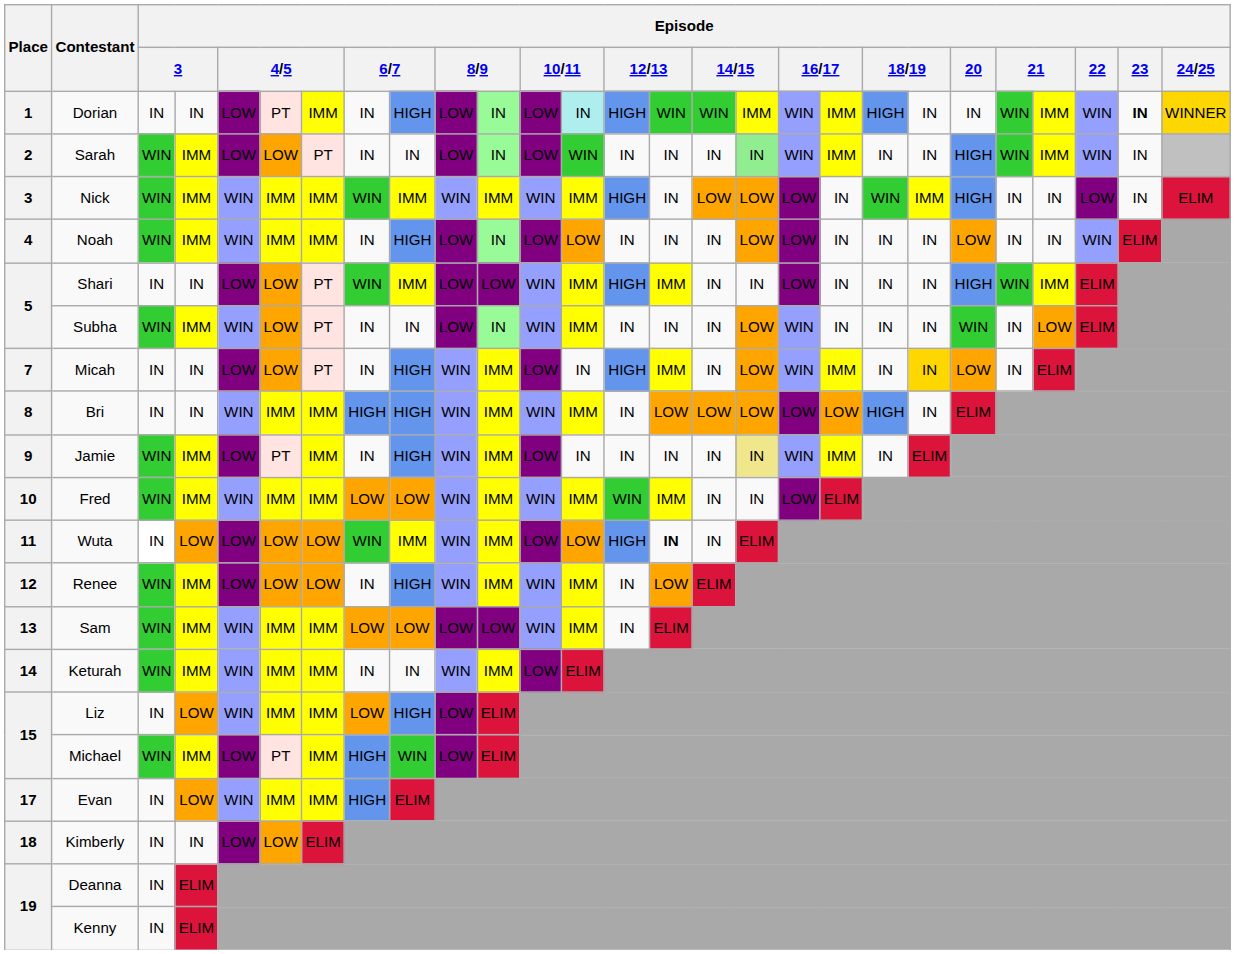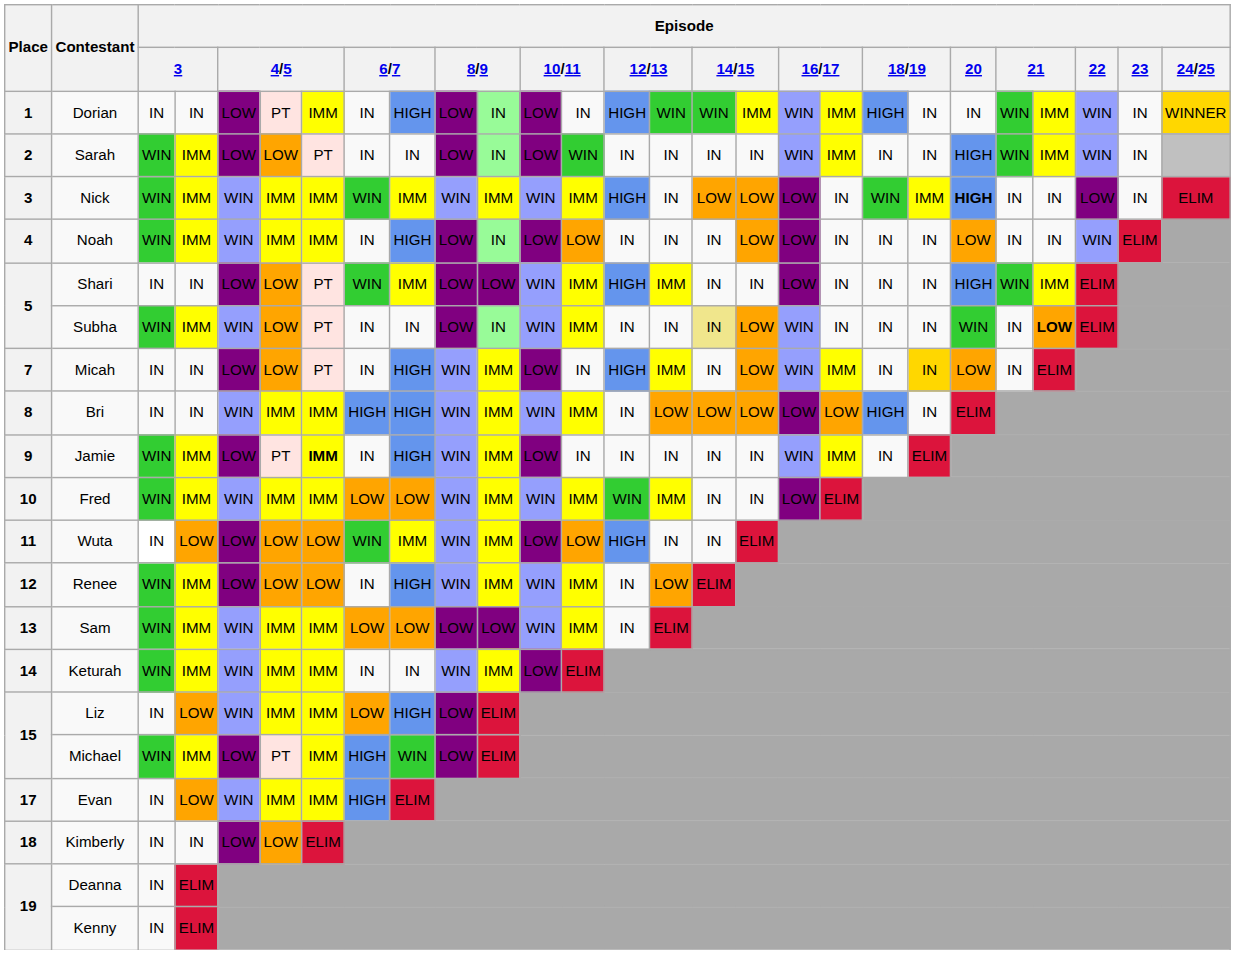 <table class="wikitable" style="text-align: center; font-size: 8pt; line-height:25px;">
 <tr>
 <th rowspan="2">Place</th>
 <th rowspan="2">Contestant</th>
 <th colspan="25">Episode</th>
 </tr>
 <tr>
 <th colspan="2"><a href='#'>3</a></th>
 <th colspan="3"><a href='#'>4</a>/<a href='#'>5</a></th>
 <th colspan="2"><a href='#'>6</a>/<a href='#'>7</a></th>
 <th colspan="2"><a href='#'>8</a>/<a href='#'>9</a></th>
 <th colspan="2"><a href='#'>10</a>/<a href='#'>11</a></th>
 <th colspan="2"><a href='#'>12</a>/<a href='#'>13</a></th>
 <th colspan="2"><a href='#'>14</a>/<a href='#'>15</a></th>
 <th colspan="2"><a href='#'>16</a>/<a href='#'>17</a></th>
 <th colspan="2"><a href='#'>18</a>/<a href='#'>19</a></th>
 <th><a href='#'>20</a></th>
 <th colspan="2"><a href='#'>21</a></th>
 <th><a href='#'>22</a></th>
 <th><a href='#'>23</a></th>
 <th><a href='#'>24</a>/<a href='#'>25</a></th>
 </tr>
 <tr>
 <th>1</th>
 <td>Dorian</td>
 <td>IN</td>
 <td>IN</td>
 <td style="background:purple;">LOW</td>
 <td style="background:mistyrose;">PT</td>
 <td style="background:yellow;">IMM</td>
 <td>IN</td>
 <td style="background:cornflowerblue;">HIGH</td>
 <td style="background:purple;">LOW</td>
 <td style="background:palegreen;">IN</td>
 <td style="background:purple;">LOW</td>
-<td style="background: paleturquoise;">IN</td>
+<td>IN</td>
 <td style="background:cornflowerblue;">HIGH</td>
 <td style="background:limegreen;">WIN</td>
 <td style="background:limegreen;">WIN</td>
 <td style="background:yellow;">IMM</td>
 <td style="background:#959FFD;">WIN</td>
 <td style="background:yellow;">IMM</td>
 <td style="background:cornflowerblue;">HIGH</td>
 <td>IN</td>
 <td>IN</td>
 <td style="background:limegreen;">WIN</td>
 <td style="background:yellow;">IMM</td>
 <td style="background:#959FFD;">WIN</td>
-<td><strong>IN</strong></td>
+<td>IN</td>
 <td style="background:gold;">WINNER</td>
 </tr>
 <tr>
 <th>2</th>
 <td>Sarah</td>
 <td style="background:limegreen;">WIN</td>
 <td style="background:yellow;">IMM</td>
 <td style="background:purple;">LOW</td>
 <td style="background:orange;">LOW</td>
 <td style="background:mistyrose;">PT</td>
 <td>IN</td>
 <td>IN</td>
 <td style="background:purple;">LOW</td>
 <td style="background:palegreen;">IN</td>
 <td style="background:purple;">LOW</td>
 <td style="background:limegreen;">WIN</td>
 <td>IN</td>
 <td>IN</td>
 <td>IN</td>
-<td style="background: lightgreen;">IN</td>
+<td>IN</td>
 <td style="background:#959FFD;">WIN</td>
 <td style="background:yellow;">IMM</td>
 <td>IN</td>
 <td>IN</td>
 <td style="background:cornflowerblue;">HIGH</td>
 <td style="background:limegreen;">WIN</td>
 <td style="background:yellow;">IMM</td>
 <td style="background:#959FFD;">WIN</td>
 <td>IN</td>
 <td style="background:silver;"></td>
 </tr>
 <tr>
 <th>3</th>
 <td>Nick</td>
 <td style="background:limegreen;">WIN</td>
 <td style="background:yellow;">IMM</td>
 <td style="background:#959FFD;">WIN</td>
 <td style="background:yellow;">IMM</td>
 <td style="background:yellow;">IMM</td>
 <td style="background:limegreen;">WIN</td>
 <td style="background:yellow;">IMM</td>
 <td style="background:#959FFD;">WIN</td>
 <td style="background:yellow;">IMM</td>
 <td style="background:#959FFD;">WIN</td>
 <td style="background:yellow;">IMM</td>
 <td style="background:cornflowerblue;">HIGH</td>
 <td>IN</td>
 <td style="background:orange;">LOW</td>
 <td style="background:orange;">LOW</td>
 <td style="background:purple;">LOW</td>
 <td>IN</td>
 <td style="background:limegreen;">WIN</td>
 <td style="background:yellow;">IMM</td>
-<td style="background:cornflowerblue;">HIGH</td>
+<td style="background:cornflowerblue;"><strong>HIGH</strong></td>
 <td>IN</td>
 <td>IN</td>
 <td style="background:purple;">LOW</td>
 <td>IN</td>
 <td style="background:crimson">ELIM</td>
 </tr>
 <tr>
 <th>4</th>
 <td>Noah</td>
 <td style="background:limegreen;">WIN</td>
 <td style="background:yellow;">IMM</td>
 <td style="background:#959FFD;">WIN</td>
 <td style="background:yellow;">IMM</td>
 <td style="background:yellow;">IMM</td>
 <td>IN</td>
 <td style="background:cornflowerblue;">HIGH</td>
 <td style="background:purple;">LOW</td>
 <td style="background:palegreen;">IN</td>
 <td style="background:purple;">LOW</td>
 <td style="background:orange;">LOW</td>
 <td>IN</td>
 <td>IN</td>
 <td>IN</td>
 <td style="background:orange;">LOW</td>
 <td style="background:purple;">LOW</td>
 <td>IN</td>
 <td>IN</td>
 <td>IN</td>
 <td style="background:orange;">LOW</td>
 <td>IN</td>
 <td>IN</td>
 <td style="background:#959FFD;">WIN</td>
 <td style="background:crimson;">ELIM</td>
 <td style="background:darkgrey;"></td>
 </tr>
 <tr>
 <th rowspan="2">5</th>
 <td>Shari</td>
 <td>IN</td>
 <td>IN</td>
 <td style="background:purple;">LOW</td>
 <td style="background:orange;">LOW</td>
 <td style="background:mistyrose;">PT</td>
 <td style="background:limegreen;">WIN</td>
 <td style="background:yellow;">IMM</td>
 <td style="background:purple;">LOW</td>
 <td style="background:purple;">LOW</td>
 <td style="background:#959FFD;">WIN</td>
 <td style="background:yellow;">IMM</td>
 <td style="background:cornflowerblue;">HIGH</td>
 <td style="background:yellow;">IMM</td>
 <td>IN</td>
 <td>IN</td>
 <td style="background:purple;">LOW</td>
 <td>IN</td>
 <td>IN</td>
 <td>IN</td>
 <td style="background:cornflowerblue;">HIGH</td>
 <td style="background:limegreen;">WIN</td>
 <td style="background:yellow;">IMM</td>
 <td style="background:crimson;">ELIM</td>
 <td style="background:darkgrey;" colspan="2"></td>
 </tr>
 <tr>
 <td>Subha</td>
 <td style="background:limegreen;">WIN</td>
 <td style="background:yellow;">IMM</td>
 <td style="background:#959FFD;">WIN</td>
 <td style="background:orange;">LOW</td>
 <td style="background:mistyrose;">PT</td>
 <td>IN</td>
 <td>IN</td>
 <td style="background:purple;">LOW</td>
 <td style="background:palegreen;">IN</td>
 <td style="background:#959FFD;">WIN</td>
 <td style="background:yellow;">IMM</td>
 <td>IN</td>
 <td>IN</td>
-<td>IN</td>
+<td style="background: khaki;">IN</td>
 <td style="background:orange;">LOW</td>
 <td style="background:#959FFD;">WIN</td>
 <td>IN</td>
 <td>IN</td>
 <td>IN</td>
 <td style="background:limegreen;">WIN</td>
 <td>IN</td>
-<td style="background:orange;">LOW</td>
+<td style="background:orange;"><strong>LOW</strong></td>
 <td style="background:crimson;">ELIM</td>
 <td style="background:darkgrey;" colspan="2"></td>
 </tr>
 <tr>
 <th>7</th>
 <td>Micah</td>
 <td>IN</td>
 <td>IN</td>
 <td style="background:purple;">LOW</td>
 <td style="background:orange;">LOW</td>
 <td style="background:mistyrose;">PT</td>
 <td>IN</td>
 <td style="background:cornflowerblue;">HIGH</td>
 <td style="background:#959FFD;">WIN</td>
 <td style="background:yellow;">IMM</td>
 <td style="background:purple;">LOW</td>
 <td>IN</td>
 <td style="background:cornflowerblue;">HIGH</td>
 <td style="background:yellow;">IMM</td>
 <td>IN</td>
 <td style="background:orange;">LOW</td>
 <td style="background:#959FFD;">WIN</td>
 <td style="background:yellow;">IMM</td>
 <td>IN</td>
 <td style="background: gold;">IN</td>
 <td style="background:orange;">LOW</td>
 <td>IN</td>
 <td style="background:crimson;">ELIM</td>
 <td style="background:darkgrey;" colspan="3"></td>
 </tr>
 <tr>
 <th>8</th>
 <td>Bri</td>
 <td>IN</td>
 <td>IN</td>
 <td style="background:#959FFD;">WIN</td>
 <td style="background:yellow;">IMM</td>
 <td style="background:yellow;">IMM</td>
 <td style="background:cornflowerblue;">HIGH</td>
 <td style="background:cornflowerblue;">HIGH</td>
 <td style="background:#959FFD;">WIN</td>
 <td style="background:yellow;">IMM</td>
 <td style="background:#959FFD;">WIN</td>
 <td style="background:yellow;">IMM</td>
 <td>IN</td>
 <td style="background:orange;">LOW</td>
 <td style="background:orange;">LOW</td>
 <td style="background:orange;">LOW</td>
 <td style="background:purple;">LOW</td>
 <td style="background:orange;">LOW</td>
 <td style="background:cornflowerblue;">HIGH</td>
 <td>IN</td>
 <td style="background:crimson;">ELIM</td>
 <td style="background:darkgrey;" colspan="5"></td>
 </tr>
 <tr>
 <th>9</th>
 <td>Jamie</td>
 <td style="background:limegreen;">WIN</td>
 <td style="background:yellow;">IMM</td>
 <td style="background:purple;">LOW</td>
 <td style="background:mistyrose;">PT</td>
-<td style="background:yellow;">IMM</td>
+<td style="background:yellow;"><strong>IMM</strong></td>
 <td>IN</td>
 <td style="background:cornflowerblue;">HIGH</td>
 <td style="background:#959FFD;">WIN</td>
 <td style="background:yellow;">IMM</td>
 <td style="background:purple;">LOW</td>
 <td>IN</td>
 <td>IN</td>
 <td>IN</td>
 <td>IN</td>
-<td style="background: khaki;">IN</td>
+<td>IN</td>
 <td style="background:#959FFD;">WIN</td>
 <td style="background:yellow;">IMM</td>
 <td>IN</td>
 <td style="background:crimson;">ELIM</td>
 <td style="background:darkgrey;" colspan="6"></td>
 </tr>
 <tr>
 <th>10</th>
 <td>Fred</td>
 <td style="background:limegreen;">WIN</td>
 <td style="background:yellow;">IMM</td>
 <td style="background:#959FFD;">WIN</td>
 <td style="background:yellow;">IMM</td>
 <td style="background:yellow;">IMM</td>
 <td style="background:orange;">LOW</td>
 <td style="background:orange;">LOW</td>
 <td style="background:#959FFD;">WIN</td>
 <td style="background:yellow;">IMM</td>
 <td style="background:#959FFD;">WIN</td>
 <td style="background:yellow;">IMM</td>
 <td style="background:limegreen;">WIN</td>
 <td style="background:yellow;">IMM</td>
 <td>IN</td>
 <td>IN</td>
 <td style="background:purple;">LOW</td>
 <td style="background:crimson;">ELIM</td>
 <td style="background:darkgrey;" colspan="8"></td>
 </tr>
 <tr>
 <th>11</th>
 <td>Wuta</td>
 <td style="background:white;">IN</td>
 <td style="background:orange;">LOW</td>
 <td style="background:purple;">LOW</td>
 <td style="background:orange;">LOW</td>
 <td style="background:orange;">LOW</td>
 <td style="background:limegreen;">WIN</td>
 <td style="background:yellow;">IMM</td>
 <td style="background:#959FFD;">WIN</td>
 <td style="background:yellow;">IMM</td>
 <td style="background:purple;">LOW</td>
 <td style="background:orange;">LOW</td>
 <td style="background:cornflowerblue;">HIGH</td>
-<td><strong>IN</strong></td>
+<td>IN</td>
 <td>IN</td>
 <td style="background:crimson;">ELIM</td>
 <td style="background:darkgrey;" colspan="10"></td>
 </tr>
 <tr>
 <th>12</th>
 <td>Renee</td>
 <td style="background:limegreen;">WIN</td>
 <td style="background:yellow;">IMM</td>
 <td style="background:purple;">LOW</td>
 <td style="background:orange;">LOW</td>
 <td style="background:orange;">LOW</td>
 <td>IN</td>
 <td style="background:cornflowerblue;">HIGH</td>
 <td style="background:#959FFD;">WIN</td>
 <td style="background:yellow;">IMM</td>
 <td style="background:#959FFD;">WIN</td>
 <td style="background:yellow;">IMM</td>
 <td>IN</td>
 <td style="background:orange;">LOW</td>
 <td style="background:crimson;">ELIM</td>
 <td style="background:darkgrey;" colspan="11"></td>
 </tr>
 <tr>
 <th>13</th>
 <td>Sam</td>
 <td style="background:limegreen;">WIN</td>
 <td style="background:yellow;">IMM</td>
 <td style="background:#959FFD;">WIN</td>
 <td style="background:yellow;">IMM</td>
 <td style="background:yellow;">IMM</td>
 <td style="background:orange;">LOW</td>
 <td style="background:orange;">LOW</td>
 <td style="background:purple;">LOW</td>
 <td style="background:purple;">LOW</td>
 <td style="background:#959FFD;">WIN</td>
 <td style="background:yellow;">IMM</td>
 <td>IN</td>
 <td style="background:crimson;">ELIM</td>
 <td style="background:darkgrey;" colspan="12"></td>
 </tr>
 <tr>
 <th>14</th>
 <td>Keturah</td>
 <td style="background:limegreen;">WIN</td>
 <td style="background:yellow;">IMM</td>
 <td style="background:#959FFD;">WIN</td>
 <td style="background:yellow;">IMM</td>
 <td style="background:yellow;">IMM</td>
 <td>IN</td>
 <td>IN</td>
 <td style="background:#959FFD;">WIN</td>
 <td style="background:yellow;">IMM</td>
 <td style="background:purple;">LOW</td>
 <td style="background:crimson;">ELIM</td>
 <td style="background:darkgrey;" colspan="14"></td>
 </tr>
 <tr>
 <th rowspan="2">15</th>
 <td>Liz</td>
 <td>IN</td>
 <td style="background:orange;">LOW</td>
 <td style="background:#959FFD;">WIN</td>
 <td style="background:yellow;">IMM</td>
 <td style="background:yellow;">IMM</td>
 <td style="background:orange;">LOW</td>
 <td style="background:cornflowerblue;">HIGH</td>
 <td style="background:purple;">LOW</td>
 <td style="background:crimson;">ELIM</td>
 <td style="background:darkgrey;" colspan="16"></td>
 </tr>
 <tr>
 <td>Michael</td>
 <td style="background:limegreen;">WIN</td>
 <td style="background:yellow;">IMM</td>
 <td style="background:purple;">LOW</td>
 <td style="background:mistyrose;">PT</td>
 <td style="background:yellow;">IMM</td>
 <td style="background:cornflowerblue;">HIGH</td>
 <td style="background:limegreen;">WIN</td>
 <td style="background:purple;">LOW</td>
 <td style="background:crimson;">ELIM</td>
 <td style="background:darkgrey;" colspan="16"></td>
 </tr>
 <tr>
 <th>17</th>
 <td>Evan</td>
 <td>IN</td>
 <td style="background:orange;">LOW</td>
 <td style="background:#959FFD;">WIN</td>
 <td style="background:yellow;">IMM</td>
 <td style="background:yellow;">IMM</td>
 <td style="background:cornflowerblue;">HIGH</td>
 <td style="background:crimson;">ELIM</td>
 <td style="background:darkgrey;" colspan="18"></td>
 </tr>
 <tr>
 <th>18</th>
 <td>Kimberly</td>
 <td>IN</td>
 <td>IN</td>
 <td style="background:purple;">LOW</td>
 <td style="background:orange;">LOW</td>
 <td style="background:crimson;">ELIM</td>
 <td style="background:darkgrey;" colspan="20"></td>
 </tr>
 <tr>
 <th rowspan="2">19</th>
 <td>Deanna</td>
 <td>IN</td>
 <td style="background:crimson;">ELIM</td>
 <td style="background:darkgrey;" colspan="23"></td>
 </tr>
 <tr>
 <td>Kenny</td>
 <td>IN</td>
 <td style="background:crimson;">ELIM</td>
 <td style="background:darkgrey;" colspan="23"></td>
 </tr>
 </table>
